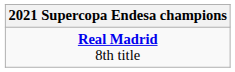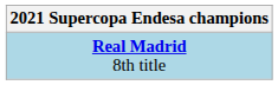 <table class=wikitable style="text-align:center; margin:auto">
 <tr>
 <th>2021 Supercopa Endesa champions</th>
 </tr>
 <tr>
-<td><strong><a href='#'>Real Madrid</a></strong><br>8th title</td>
+<td style="background: lightblue;"><strong><a href='#'>Real Madrid</a></strong><br>8th title</td>
 </tr>
 </table>
